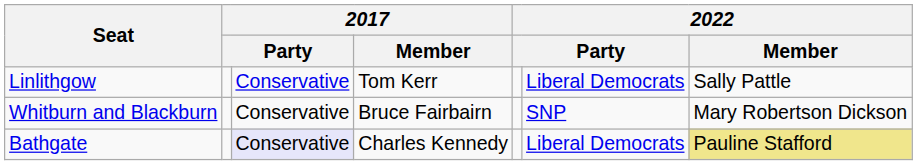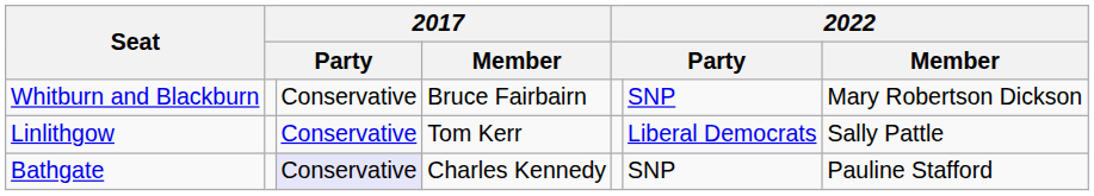 <table class="wikitable">
 <tr>
 <th rowspan="2" scope="col" style="text-align:center">Seat</th>
 <th colspan="3" scope="col" style="text-align:center"><em>2017</em></th>
 <th colspan="3" scope="col" style="text-align:center"><em>2022</em></th>
 </tr>
 <tr>
 <th colspan="2" style="text-align:center">Party</th>
 <th style="text-align:center">Member</th>
 <th colspan="2" style="text-align:center">Party</th>
 <th style="text-align:center">Member</th>
 </tr>
 <tr>
+<td scope="row"><a href='#'>Whitburn and Blackburn</a></td>
+<td></td>
+<td>Conservative</td>
+<td>Bruce Fairbairn</td>
+<td></td>
+<td><a href='#'>SNP</a></td>
+<td>Mary Robertson Dickson</td>
+</tr>
+<tr>
 <td scope="row"><a href='#'>Linlithgow</a></td>
 <td></td>
 <td><a href='#'>Conservative</a></td>
 <td>Tom Kerr</td>
 <td></td>
 <td><a href='#'>Liberal Democrats</a></td>
 <td>Sally Pattle</td>
 </tr>
 <tr>
-<td scope="row"><a href='#'>Whitburn and Blackburn</a></td>
-<td></td>
-<td>Conservative</td>
-<td>Bruce Fairbairn</td>
-<td></td>
-<td><a href='#'>SNP</a></td>
-<td>Mary Robertson Dickson</td>
-</tr>
-<tr>
 <td scope="row"><a href='#'>Bathgate</a></td>
 <td></td>
 <td style="background: lavender;">Conservative</td>
 <td>Charles Kennedy</td>
 <td></td>
-<td><a href='#'>Liberal Democrats</a></td>
-<td style="background: khaki;">Pauline Stafford</td>
+<td>SNP</td>
+<td>Pauline Stafford</td>
 </tr>
 </table>
